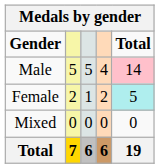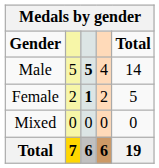 <table class="wikitable" style="font-size:85%; float:right">
 <tr style="background:#efefef;">
 <th colspan=5>Medals by gender</th>
 </tr>
 <tr align=center>
 <td><strong>Gender</strong></td>
 <td style="background:#f7f6a8;"></td>
 <td style="background:#dce5e5;"></td>
 <td style="background:#ffdab9;"></td>
 <td><strong>Total</strong></td>
 </tr>
 <tr align=center>
 <td>Male</td>
 <td style="background:#F7F6A8;">5</td>
-<td style="background:#DCE5E5;">5</td>
+<td style="background:#DCE5E5;"><strong>5</strong></td>
 <td style="background:#FFDAB9;">4</td>
-<td style="background: pink;">14</td>
+<td>14</td>
 </tr>
 <tr align=center>
 <td>Female</td>
 <td style="background:#F7F6A8;">2</td>
-<td style="background:#DCE5E5;">1</td>
+<td style="background:#DCE5E5;"><strong>1</strong></td>
 <td style="background:#FFDAB9;">2</td>
-<td style="background: paleturquoise;">5</td>
+<td>5</td>
 </tr>
 <tr align=center>
 <td>Mixed</td>
 <td style="background:#F7F6A8;">0</td>
 <td style="background:#DCE5E5;">0</td>
 <td style="background:#FFDAB9;">0</td>
 <td>0</td>
 </tr>
 <tr align=center>
 <th>Total</th>
 <th style="background:gold;">7</th>
 <th style="background:silver;">6</th>
 <th style="background:#c96;">6</th>
 <th>19</th>
 </tr>
 </table>
